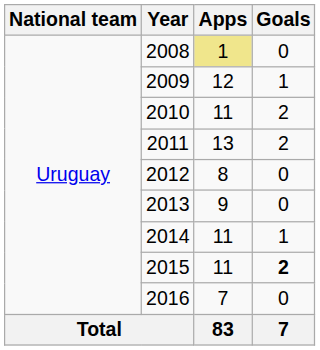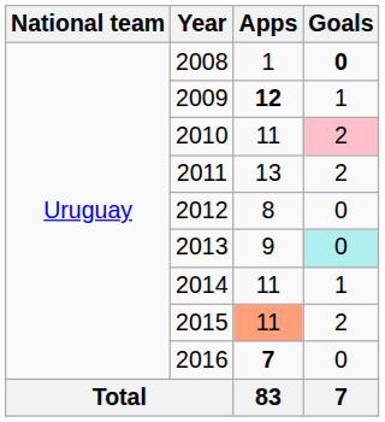 <table class="wikitable" style="text-align:center">
 <tr>
 <th>National team</th>
 <th>Year</th>
 <th>Apps</th>
 <th>Goals</th>
 </tr>
 <tr>
 <td rowspan=9 valign="center"><a href='#'>Uruguay</a></td>
 <td>2008</td>
-<td style="background: khaki;">1</td>
-<td>0</td>
+<td>1</td>
+<td><strong>0</strong></td>
 </tr>
 <tr>
 <td>2009</td>
-<td>12</td>
+<td><strong>12</strong></td>
 <td>1</td>
 </tr>
 <tr>
 <td>2010</td>
 <td>11</td>
-<td>2</td>
+<td style="background: pink;">2</td>
 </tr>
 <tr>
 <td>2011</td>
 <td>13</td>
 <td>2</td>
 </tr>
 <tr>
 <td>2012</td>
 <td>8</td>
 <td>0</td>
 </tr>
 <tr>
 <td>2013</td>
 <td>9</td>
-<td>0</td>
+<td style="background: paleturquoise;">0</td>
 </tr>
 <tr>
 <td>2014</td>
 <td>11</td>
 <td>1</td>
 </tr>
 <tr>
 <td>2015</td>
-<td>11</td>
-<td><strong>2</strong></td>
+<td style="background: lightsalmon;">11</td>
+<td>2</td>
 </tr>
 <tr>
 <td>2016</td>
-<td>7</td>
+<td><strong>7</strong></td>
 <td>0</td>
 </tr>
 <tr>
 <th colspan=2>Total</th>
 <th>83</th>
 <th>7</th>
 </tr>
 </table>
